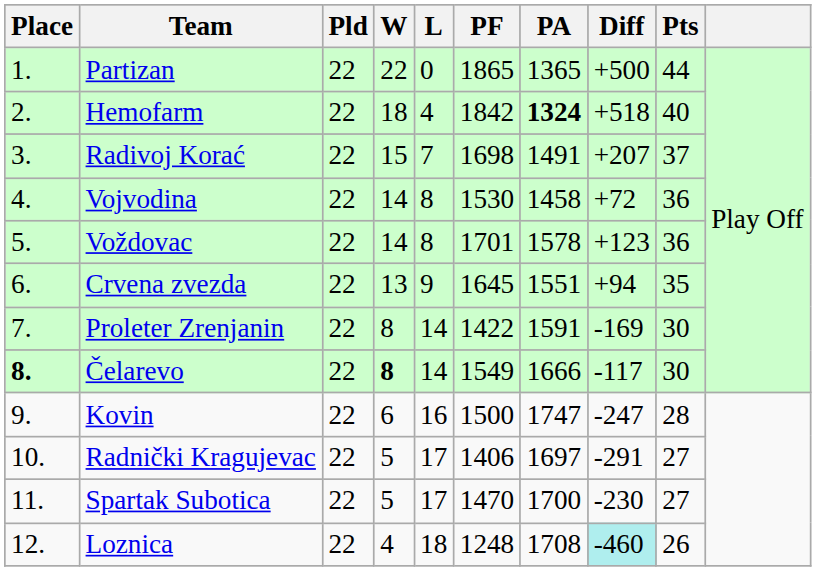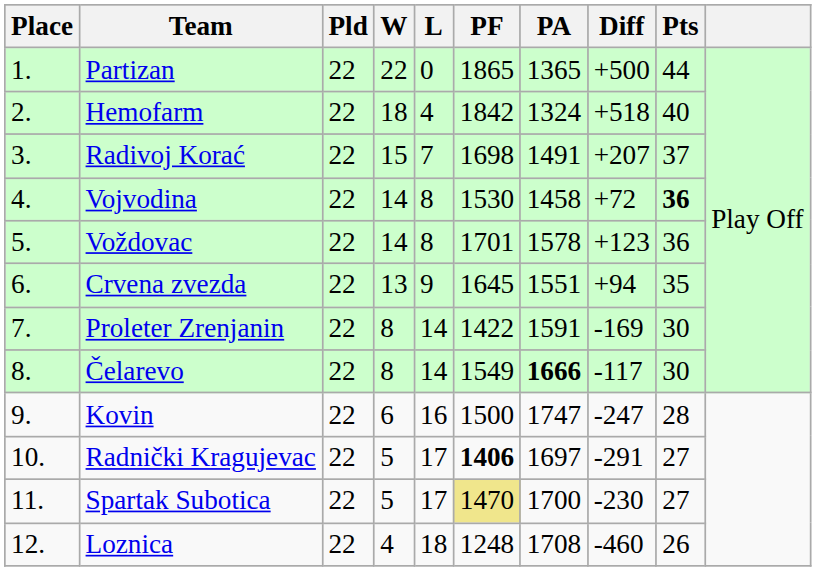 <table class="wikitable">
 <tr>
 <th>Place</th>
 <th>Team</th>
 <th>Pld</th>
 <th>W</th>
 <th>L</th>
 <th>PF</th>
 <th>PA</th>
 <th>Diff</th>
 <th>Pts</th>
 <th></th>
 </tr>
 <tr bgcolor=#ccffcc>
 <td>1.</td>
 <td><a href='#'>Partizan</a></td>
 <td>22</td>
 <td>22</td>
 <td>0</td>
 <td>1865</td>
 <td>1365</td>
 <td>+500</td>
 <td>44</td>
 <td rowspan="8">Play Off</td>
 </tr>
 <tr bgcolor=#ccffcc>
 <td>2.</td>
 <td><a href='#'>Hemofarm</a></td>
 <td>22</td>
 <td>18</td>
 <td>4</td>
 <td>1842</td>
-<td><strong>1324</strong></td>
+<td>1324</td>
 <td>+518</td>
 <td>40</td>
 </tr>
 <tr bgcolor=#ccffcc>
 <td>3.</td>
 <td><a href='#'>Radivoj Korać</a></td>
 <td>22</td>
 <td>15</td>
 <td>7</td>
 <td>1698</td>
 <td>1491</td>
 <td>+207</td>
 <td>37</td>
 </tr>
 <tr bgcolor=#ccffcc>
 <td>4.</td>
 <td><a href='#'>Vojvodina</a></td>
 <td>22</td>
 <td>14</td>
 <td>8</td>
 <td>1530</td>
 <td>1458</td>
 <td>+72</td>
-<td>36</td>
+<td><strong>36</strong></td>
 </tr>
 <tr bgcolor=#ccffcc>
 <td>5.</td>
 <td><a href='#'>Voždovac</a></td>
 <td>22</td>
 <td>14</td>
 <td>8</td>
 <td>1701</td>
 <td>1578</td>
 <td>+123</td>
 <td>36</td>
 </tr>
 <tr bgcolor=#ccffcc>
 <td>6.</td>
 <td><a href='#'>Crvena zvezda</a></td>
 <td>22</td>
 <td>13</td>
 <td>9</td>
 <td>1645</td>
 <td>1551</td>
 <td>+94</td>
 <td>35</td>
 </tr>
 <tr bgcolor=#ccffcc>
 <td>7.</td>
 <td><a href='#'>Proleter Zrenjanin</a></td>
 <td>22</td>
 <td>8</td>
 <td>14</td>
 <td>1422</td>
 <td>1591</td>
 <td>-169</td>
 <td>30</td>
 </tr>
 <tr bgcolor=#ccffcc>
-<td><strong>8.</strong></td>
+<td>8.</td>
 <td><a href='#'>Čelarevo</a></td>
 <td>22</td>
-<td><strong>8</strong></td>
+<td>8</td>
 <td>14</td>
 <td>1549</td>
-<td>1666</td>
+<td><strong>1666</strong></td>
 <td>-117</td>
 <td>30</td>
 </tr>
 <tr>
 <td>9.</td>
 <td><a href='#'>Kovin</a></td>
 <td>22</td>
 <td>6</td>
 <td>16</td>
 <td>1500</td>
 <td>1747</td>
 <td>-247</td>
 <td>28</td>
 <td rowspan="4"></td>
 </tr>
 <tr>
 <td>10.</td>
 <td><a href='#'>Radnički Kragujevac</a></td>
 <td>22</td>
 <td>5</td>
 <td>17</td>
-<td>1406</td>
+<td><strong>1406</strong></td>
 <td>1697</td>
 <td>-291</td>
 <td>27</td>
 </tr>
 <tr>
 <td>11.</td>
 <td><a href='#'>Spartak Subotica</a></td>
 <td>22</td>
 <td>5</td>
 <td>17</td>
-<td>1470</td>
+<td style="background: khaki;">1470</td>
 <td>1700</td>
 <td>-230</td>
 <td>27</td>
 </tr>
 <tr>
 <td>12.</td>
 <td><a href='#'>Loznica</a></td>
 <td>22</td>
 <td>4</td>
 <td>18</td>
 <td>1248</td>
 <td>1708</td>
-<td style="background: paleturquoise;">-460</td>
+<td>-460</td>
 <td>26</td>
 </tr>
 </table>
